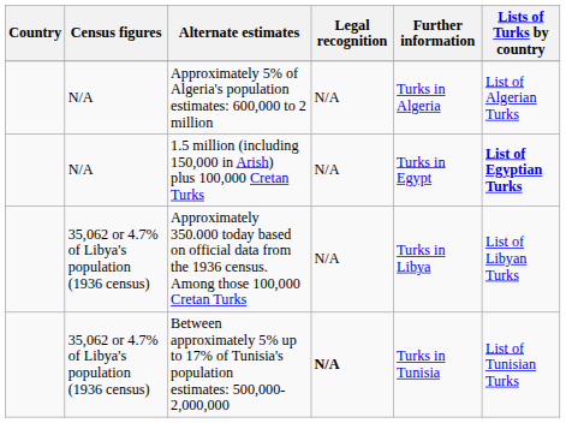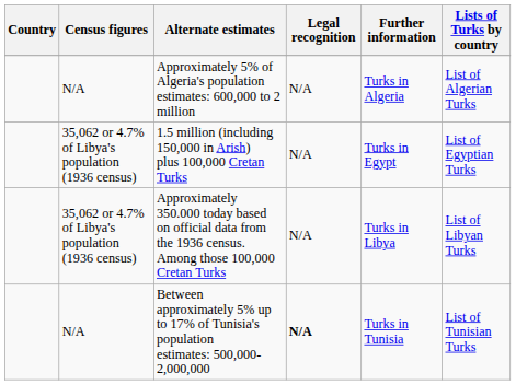 <table class="wikitable sortable">
 <tr>
 <th>Country</th>
 <th>Census figures</th>
 <th>Alternate estimates</th>
 <th>Legal recognition</th>
 <th>Further information</th>
 <th><a href='#'>Lists of Turks</a> by country</th>
 </tr>
 <tr>
 </tr>
 <tr>
 <td></td>
 <td>N/A</td>
 <td>Approximately 5% of Algeria's population estimates: 600,000 to 2 million  <br></td>
 <td>N/A</td>
 <td><a href='#'>Turks in Algeria</a></td>
 <td><a href='#'>List of Algerian Turks</a></td>
 </tr>
 <tr>
 <td></td>
-<td>N/A</td>
+<td>35,062 or 4.7% of Libya's population (1936 census) <br></td>
 <td>1.5 million (including 150,000 in <a href='#'>Arish</a>) <br> plus 100,000 <a href='#'>Cretan Turks</a></td>
 <td>N/A</td>
 <td><a href='#'>Turks in Egypt</a></td>
-<td><strong><a href='#'>List of Egyptian Turks</a></strong></td>
+<td><a href='#'>List of Egyptian Turks</a></td>
 </tr>
 <tr>
 <td></td>
 <td>35,062 or 4.7% of Libya's population (1936 census) <br></td>
 <td>Approximately 350.000 today based on official data from the 1936 census.<br> Among those 100,000 <a href='#'>Cretan Turks</a></td>
 <td>N/A</td>
 <td><a href='#'>Turks in Libya</a></td>
 <td><a href='#'>List of Libyan Turks</a></td>
 </tr>
 <tr>
 <td></td>
-<td>35,062 or 4.7% of Libya's population (1936 census) <br></td>
+<td>N/A</td>
 <td>Between approximately 5% up to 17% of Tunisia's population <br> estimates: 500,000-2,000,000</td>
 <td><strong>N/A</strong></td>
 <td><a href='#'>Turks in Tunisia</a></td>
 <td><a href='#'>List of Tunisian Turks</a></td>
 </tr>
 </table>
